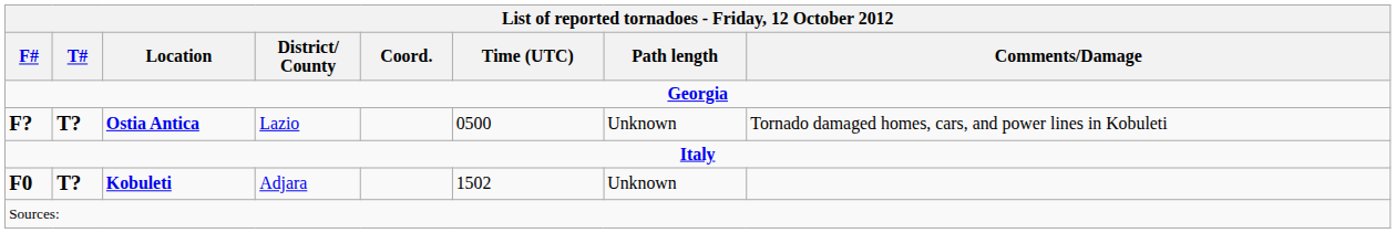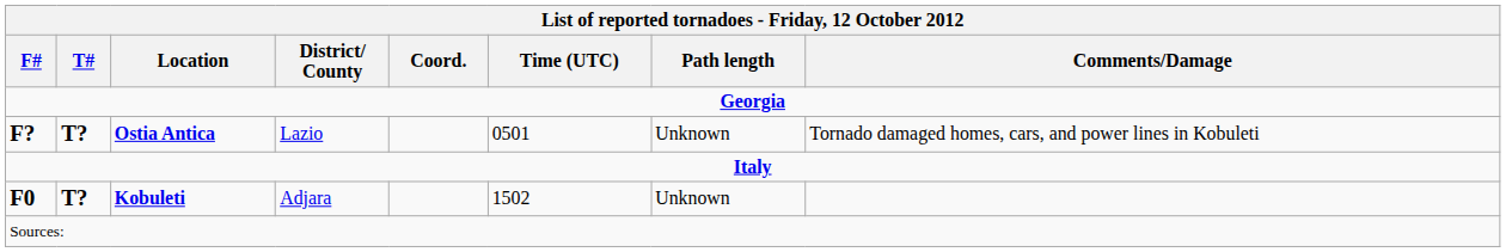 <table class="wikitable collapsible" width="100%">
 <tr>
 <th colspan="8">List of reported tornadoes - Friday, 12 October 2012</th>
 </tr>
 <tr>
 <th><a href='#'>F#</a></th>
 <th><a href='#'>T#</a></th>
 <th>Location</th>
 <th>District/<br>County</th>
 <th>Coord.</th>
 <th>Time (UTC)</th>
 <th>Path length</th>
 <th>Comments/Damage</th>
 </tr>
 <tr>
 <td colspan="8" align=center><strong><a href='#'>Georgia</a></strong></td>
 </tr>
 <tr>
 <td><big><strong>F?</strong></big></td>
 <td><big><strong>T?</strong></big></td>
 <td><strong><a href='#'>Ostia Antica</a></strong></td>
 <td><a href='#'>Lazio</a></td>
 <td></td>
-<td>0500</td>
+<td>0501</td>
 <td>Unknown</td>
 <td>Tornado damaged homes, cars, and power lines in Kobuleti</td>
 </tr>
 <tr>
 <td colspan="8" align=center><strong><a href='#'>Italy</a></strong></td>
 </tr>
 <tr>
 <td><big><strong>F0</strong></big></td>
 <td><big><strong>T?</strong></big></td>
 <td><strong><a href='#'>Kobuleti</a></strong></td>
 <td><a href='#'>Adjara</a></td>
 <td></td>
 <td>1502</td>
 <td>Unknown</td>
 <td></td>
 </tr>
 <tr>
 <td colspan="8"><small>Sources:  </small></td>
 </tr>
 </table>
